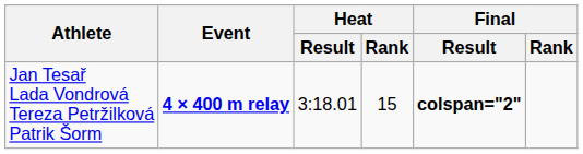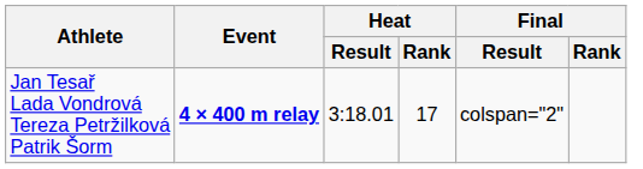 <table class="wikitable" style="font-size:90%">
 <tr>
 <th rowspan="2">Athlete</th>
 <th rowspan="2">Event</th>
 <th colspan="2">Heat</th>
 <th colspan="2">Final</th>
 </tr>
 <tr>
 <th>Result</th>
 <th>Rank</th>
 <th>Result</th>
 <th>Rank</th>
 </tr>
 <tr style=text-align:center>
 <td style=text-align:left><a href='#'>Jan Tesař</a><br><a href='#'>Lada Vondrová</a><br><a href='#'>Tereza Petržilková</a><br><a href='#'>Patrik Šorm</a></td>
 <td style=text-align:left><strong><a href='#'>4 × 400 m relay</a></strong></td>
 <td>3:18.01</td>
-<td>15</td>
-<td><strong>colspan="2" </strong></td>
+<td>17</td>
+<td>colspan="2" </td>
 </tr>
 </table>
